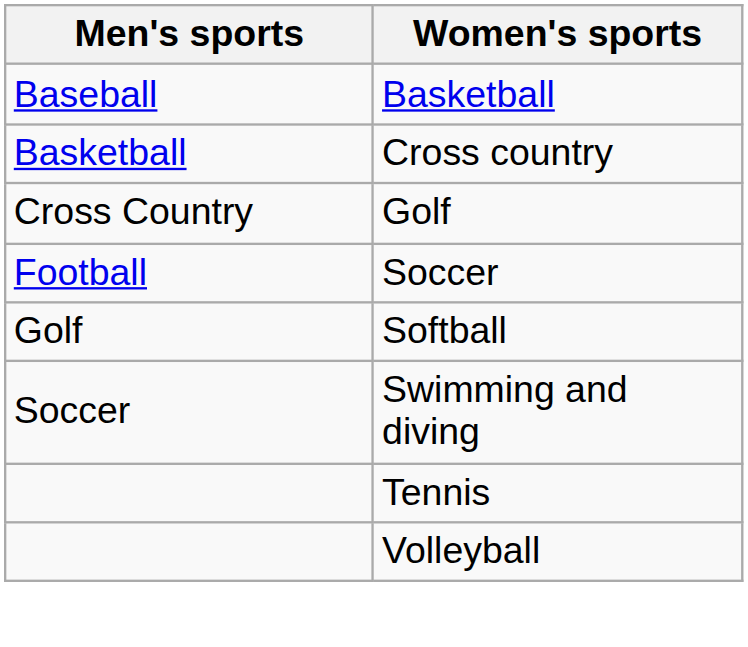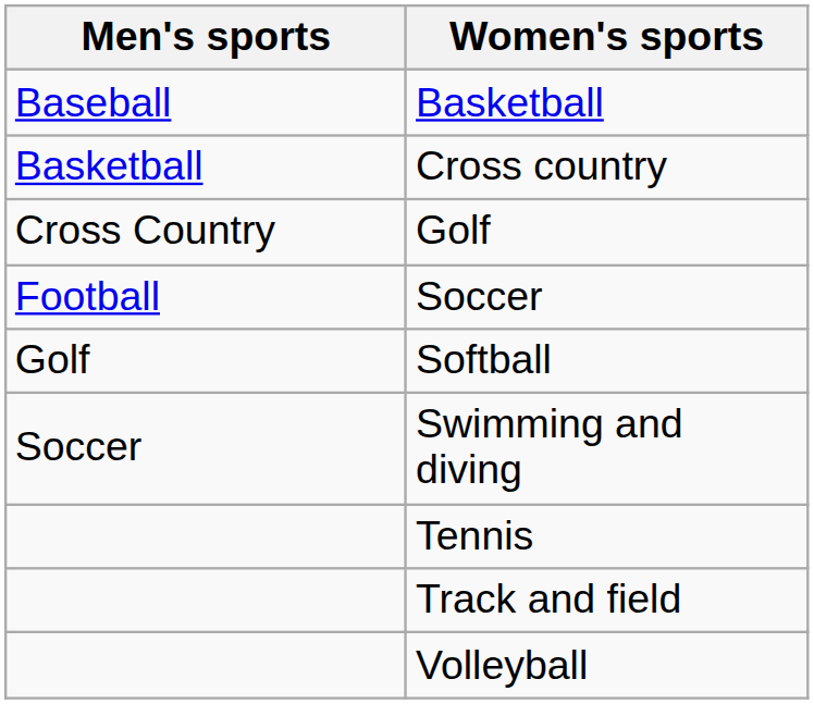 <table class="wikitable" style="text-align: ">
 <tr>
 <th width="150px">Men's sports</th>
 <th width="150px">Women's sports</th>
 </tr>
 <tr>
 <td><a href='#'>Baseball</a></td>
 <td><a href='#'>Basketball</a></td>
 </tr>
 <tr>
 <td><a href='#'>Basketball</a></td>
 <td>Cross country</td>
 </tr>
 <tr>
 <td>Cross Country</td>
 <td>Golf</td>
 </tr>
 <tr>
 <td><a href='#'>Football</a></td>
 <td>Soccer</td>
 </tr>
 <tr>
 <td>Golf</td>
 <td>Softball</td>
 </tr>
 <tr>
 <td>Soccer</td>
 <td>Swimming and diving</td>
 </tr>
 <tr>
 <td></td>
 <td>Tennis</td>
 </tr>
 <tr>
 <td></td>
+<td>Track and field</td>
+</tr>
+<tr>
+<td></td>
 <td>Volleyball</td>
 </tr>
 </table>
